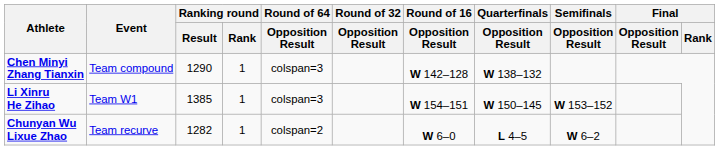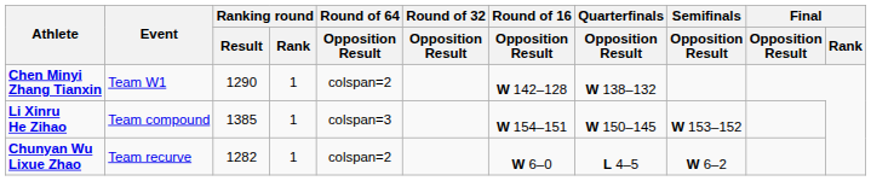 <table class=wikitable style="font-size:90%">
 <tr>
 <th rowspan="2">Athlete</th>
 <th rowspan="2">Event</th>
 <th colspan="2">Ranking round</th>
 <th>Round of 64</th>
 <th>Round of 32</th>
 <th>Round of 16</th>
 <th>Quarterfinals</th>
 <th>Semifinals</th>
 <th colspan="2">Final</th>
 </tr>
 <tr>
 <th>Result</th>
 <th>Rank</th>
 <th>Opposition<br>Result</th>
 <th>Opposition<br>Result</th>
 <th>Opposition<br>Result</th>
 <th>Opposition<br>Result</th>
 <th>Opposition<br>Result</th>
 <th>Opposition<br>Result</th>
 <th>Rank</th>
 </tr>
 <tr align=center>
 <td align=left><strong><a href='#'>Chen Minyi</a><br><a href='#'>Zhang Tianxin</a></strong></td>
-<td align=left><a href='#'>Team compound</a></td>
+<td align=left><a href='#'>Team W1</a></td>
 <td>1290 </td>
 <td>1</td>
-<td>colspan=3 </td>
+<td>colspan=2 </td>
 <td></td>
 <td><br><strong>W</strong> 142–128</td>
 <td><br><strong>W</strong> 138–132</td>
 <td></td>
 </tr>
 <tr align=center>
 <td align=left><strong><a href='#'>Li Xinru</a><br><a href='#'>He Zihao</a></strong></td>
-<td align=left><a href='#'>Team W1</a></td>
+<td align=left><a href='#'>Team compound</a></td>
 <td>1385 </td>
 <td>1</td>
 <td>colspan=3 </td>
 <td></td>
 <td><br><strong>W</strong> 154–151</td>
 <td><br><strong>W</strong> 150–145</td>
 <td><br><strong>W</strong> 153–152</td>
 <td></td>
 </tr>
 <tr align=center>
 <td align=left><strong><a href='#'>Chunyan Wu</a><br><a href='#'>Lixue Zhao</a></strong></td>
 <td align=left><a href='#'>Team recurve</a></td>
 <td>1282 </td>
 <td>1</td>
 <td>colspan=2 </td>
 <td></td>
 <td><br><strong>W</strong> 6–0</td>
 <td><br><strong>L</strong> 4–5</td>
 <td><br><strong>W</strong> 6–2</td>
 <td></td>
 </tr>
 </table>
